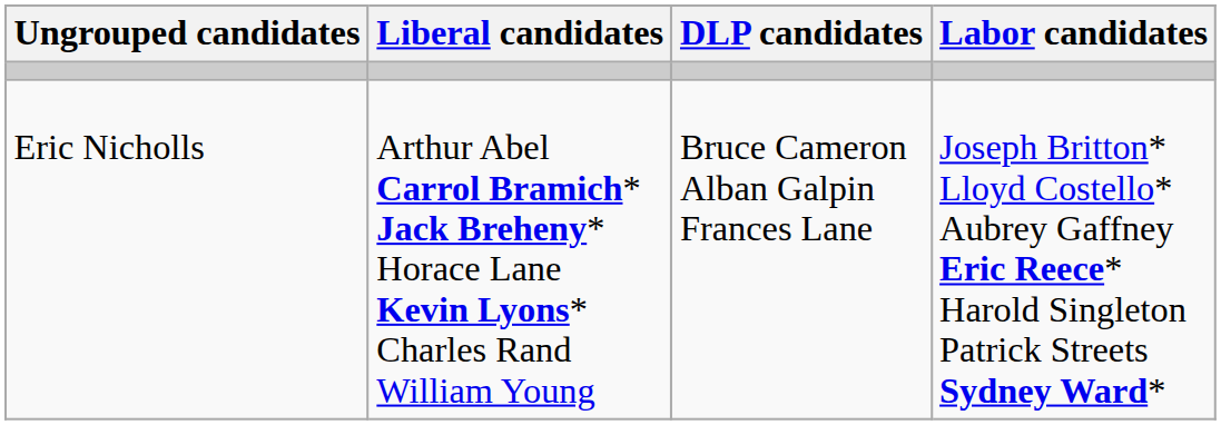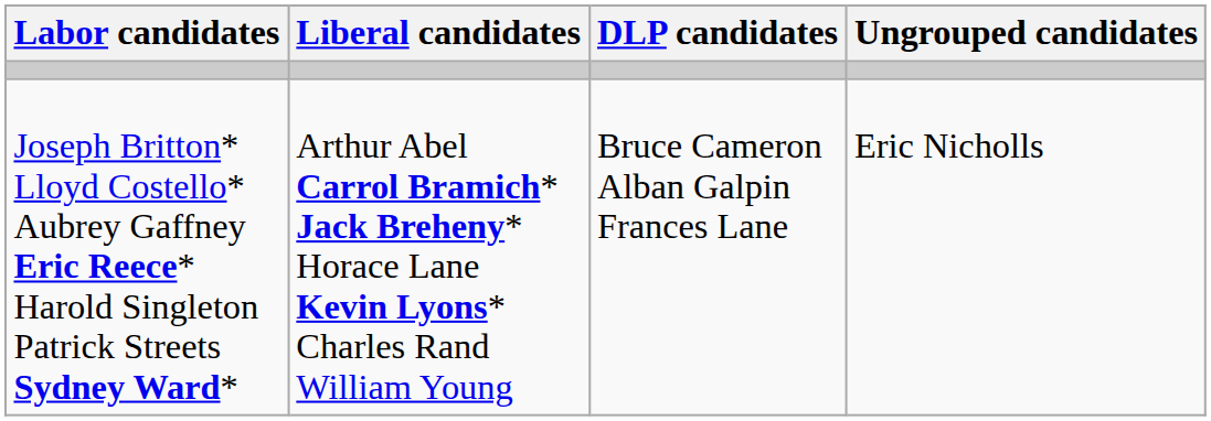 <table class="wikitable">
 <tr>
-<th>Ungrouped candidates</th>
+<th><a href='#'>Labor</a> candidates</th>
 <th><a href='#'>Liberal</a> candidates</th>
 <th><a href='#'>DLP</a> candidates</th>
-<th><a href='#'>Labor</a> candidates</th>
+<th>Ungrouped candidates</th>
 </tr>
 <tr bgcolor="#cccccc">
 <td></td>
 <td></td>
 <td></td>
 <td></td>
 </tr>
 <tr>
-<td valign=top><br>Eric Nicholls</td>
+<td><br><a href='#'>Joseph Britton</a>*<br> <a href='#'>Lloyd Costello</a>*<br> Aubrey Gaffney<br> <strong><a href='#'>Eric Reece</a></strong>*<br> Harold Singleton<br> Patrick Streets<br> <strong><a href='#'>Sydney Ward</a></strong>*</td>
 <td><br>Arthur Abel<br> <strong><a href='#'>Carrol Bramich</a></strong>*<br> <strong><a href='#'>Jack Breheny</a></strong>*<br> Horace Lane<br> <strong><a href='#'>Kevin Lyons</a></strong>*<br> Charles Rand<br> <a href='#'>William Young</a></td>
 <td valign=top><br>Bruce Cameron<br> Alban Galpin<br> Frances Lane</td>
-<td><br><a href='#'>Joseph Britton</a>*<br> <a href='#'>Lloyd Costello</a>*<br> Aubrey Gaffney<br> <strong><a href='#'>Eric Reece</a></strong>*<br> Harold Singleton<br> Patrick Streets<br> <strong><a href='#'>Sydney Ward</a></strong>*</td>
+<td valign=top><br>Eric Nicholls</td>
 </tr>
 </table>
